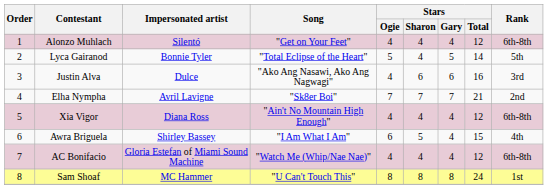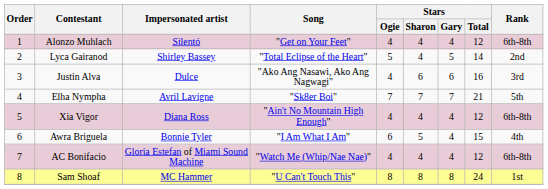 <table class="wikitable" style="text-align:center; line-height:17px; width:100%;">
 <tr>
 <th rowspan="2" style="width:03%;">Order</th>
 <th rowspan="2" style="width:17%;">Contestant</th>
 <th rowspan="2" style="width:25%;">Impersonated artist</th>
 <th rowspan="2" style="width:25%;">Song</th>
 <th colspan="4" style="width:20%;">Stars</th>
 <th rowspan="2" style="width:10%;">Rank</th>
 </tr>
 <tr>
 <th style="width:05%;">Ogie</th>
 <th style="width:05%;">Sharon</th>
 <th style="width:05%;">Gary</th>
 <th style="width:05%;">Total</th>
 </tr>
 <tr>
 <td style="background:#E8CCD7">1</td>
 <td style="background:#E8CCD7">Alonzo Muhlach</td>
 <td style="background:#E8CCD7"><a href='#'>Silentó</a></td>
 <td style="background:#E8CCD7">"<a href='#'>Get on Your Feet</a>"</td>
 <td style="background:#E8CCD7">4</td>
 <td style="background:#E8CCD7">4</td>
 <td style="background:#E8CCD7">4</td>
 <td style="background:#E8CCD7">12</td>
 <td style="background:#E8CCD7">6th-8th</td>
 </tr>
 <tr>
 <td>2</td>
 <td>Lyca Gairanod</td>
-<td><a href='#'>Bonnie Tyler</a></td>
+<td><a href='#'>Shirley Bassey</a></td>
 <td>"<a href='#'>Total Eclipse of the Heart</a>"</td>
 <td>5</td>
 <td>4</td>
 <td>5</td>
 <td>14</td>
-<td>5th</td>
+<td>2nd</td>
 </tr>
 <tr>
 <td>3</td>
 <td>Justin Alva</td>
 <td><a href='#'>Dulce</a></td>
 <td>"Ako Ang Nasawi, Ako Ang Nagwagi"</td>
 <td>4</td>
 <td>6</td>
 <td>6</td>
 <td>16</td>
 <td>3rd</td>
 </tr>
 <tr>
 <td>4</td>
 <td>Elha Nympha</td>
 <td><a href='#'>Avril Lavigne</a></td>
 <td>"<a href='#'>Sk8er Boi</a>"</td>
 <td>7</td>
 <td>7</td>
 <td>7</td>
 <td>21</td>
-<td>2nd</td>
+<td>5th</td>
 </tr>
 <tr>
 <td style="background:#E8CCD7">5</td>
 <td style="background:#E8CCD7">Xia Vigor</td>
 <td style="background:#E8CCD7"><a href='#'>Diana Ross</a></td>
 <td style="background:#E8CCD7">"<a href='#'>Ain't No Mountain High Enough</a>"</td>
 <td style="background:#E8CCD7">4</td>
 <td style="background:#E8CCD7">4</td>
 <td style="background:#E8CCD7">4</td>
 <td style="background:#E8CCD7">12</td>
 <td style="background:#E8CCD7">6th-8th</td>
 </tr>
 <tr>
 <td>6</td>
 <td>Awra Briguela</td>
-<td><a href='#'>Shirley Bassey</a></td>
+<td><a href='#'>Bonnie Tyler</a></td>
 <td>"<a href='#'>I Am What I Am</a>"</td>
 <td>6</td>
 <td>5</td>
 <td>4</td>
 <td>15</td>
 <td>4th</td>
 </tr>
 <tr>
 <td style="background:#E8CCD7">7</td>
 <td style="background:#E8CCD7">AC Bonifacio</td>
 <td style="background:#E8CCD7"><a href='#'>Gloria Estefan</a> of <a href='#'>Miami Sound Machine</a></td>
 <td style="background:#E8CCD7">"<a href='#'>Watch Me (Whip/Nae Nae)</a>"</td>
 <td style="background:#E8CCD7">4</td>
 <td style="background:#E8CCD7">4</td>
 <td style="background:#E8CCD7">4</td>
 <td style="background:#E8CCD7">12</td>
 <td style="background:#E8CCD7">6th-8th</td>
 </tr>
 <tr>
 <td style="background:#FDFD96;">8</td>
 <td style="background:#FDFD96;">Sam Shoaf</td>
 <td style="background:#FDFD96;"><a href='#'>MC Hammer</a></td>
 <td style="background:#FDFD96;">"<a href='#'>U Can't Touch This</a>"</td>
 <td style="background:#FDFD96;">8</td>
 <td style="background:#FDFD96;">8</td>
 <td style="background:#FDFD96;">8</td>
 <td style="background:#FDFD96;">24</td>
 <td style="background:#FDFD96;">1st</td>
 </tr>
 <tr>
 </tr>
 <tr>
 </tr>
 </table>
